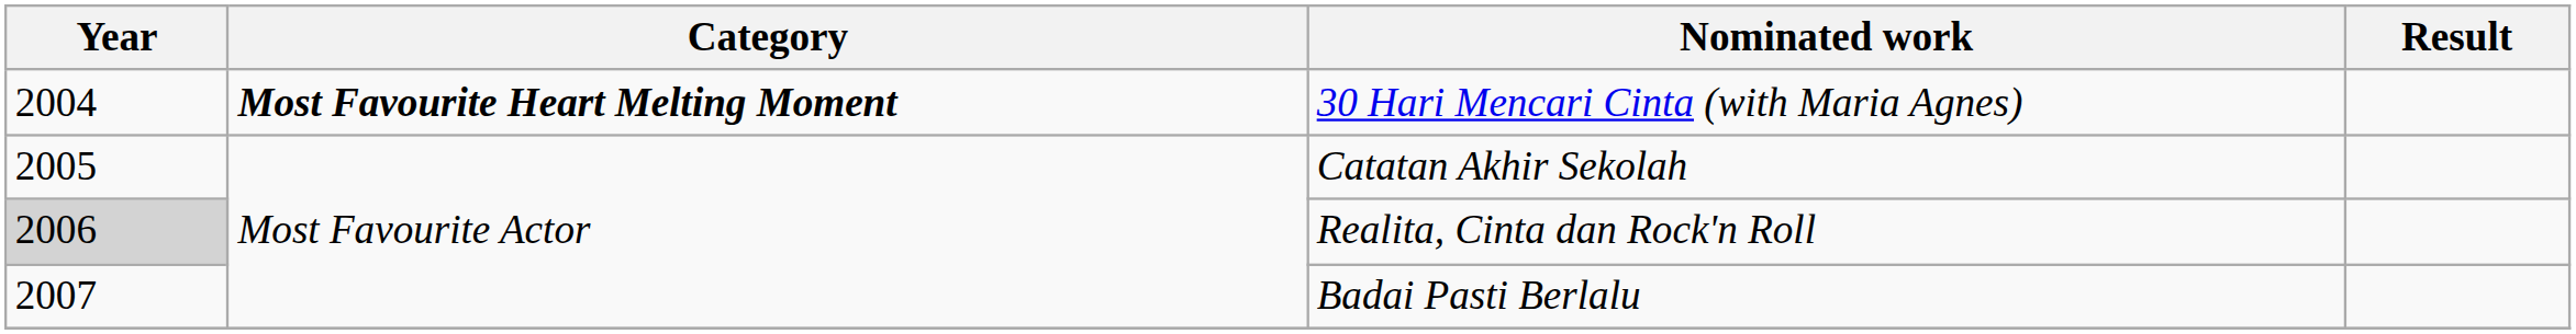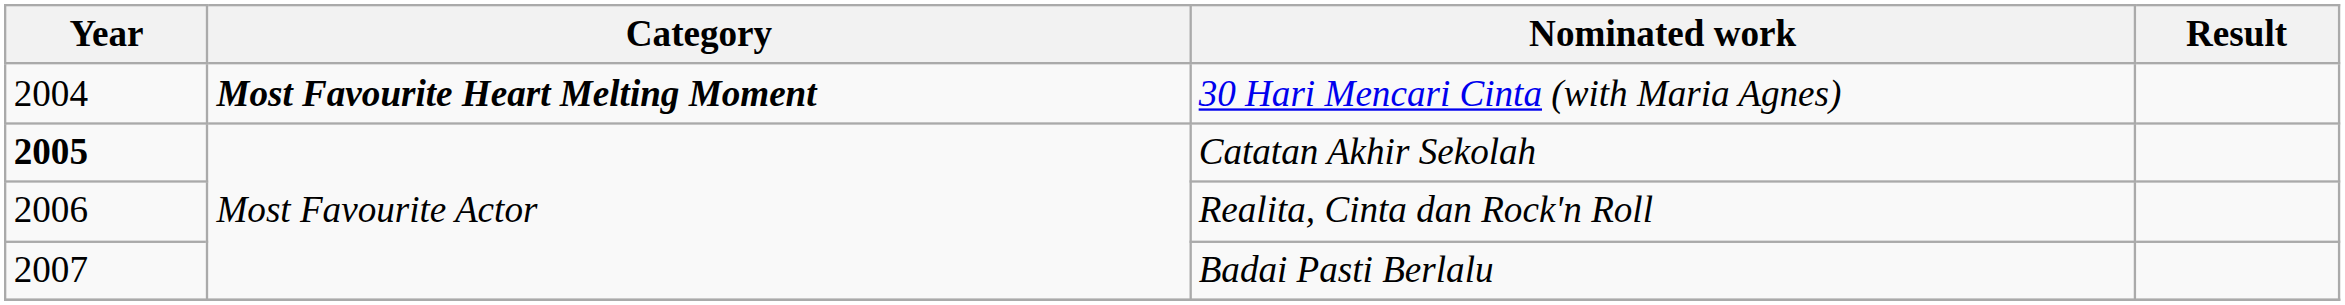 <table class="wikitable">
 <tr>
 <th scope="col" style="width:5em;">Year</th>
 <th scope="col" style="width:26em;">Category</th>
 <th scope="col" style="width:25em;">Nominated work</th>
 <th scope="col" style="width:5em;">Result</th>
 </tr>
 <tr>
 <td>2004</td>
 <td><strong><em>Most Favourite Heart Melting Moment</em></strong></td>
 <td><em><a href='#'>30 Hari Mencari Cinta</a> (with Maria Agnes)</em></td>
 <td></td>
 </tr>
 <tr>
-<td>2005</td>
+<td><strong>2005</strong></td>
 <td rowspan= "3"><em>Most Favourite Actor</em></td>
 <td><em>Catatan Akhir Sekolah</em></td>
 <td></td>
 </tr>
 <tr>
-<td style="background: lightgrey;">2006</td>
+<td>2006</td>
 <td><em>Realita, Cinta dan Rock'n Roll</em></td>
 <td></td>
 </tr>
 <tr>
 <td>2007</td>
 <td><em>Badai Pasti Berlalu</em></td>
 <td></td>
 </tr>
 <tr>
 </tr>
 </table>
